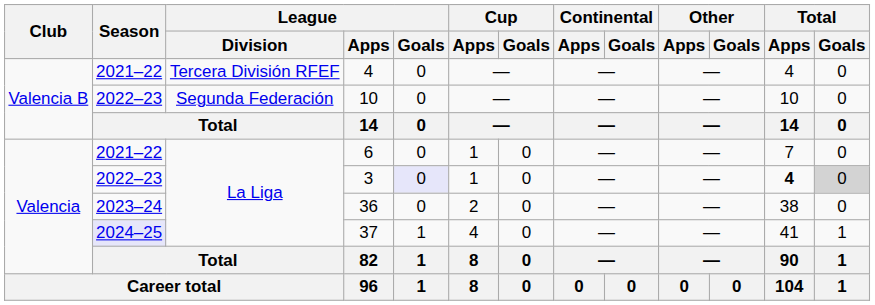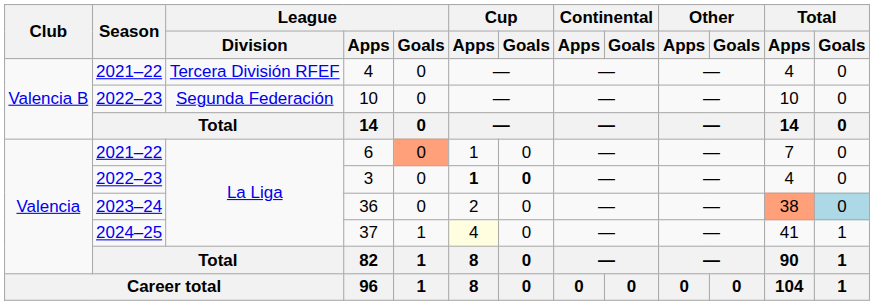 <table class="wikitable" style="text-align:center">
 <tr>
 <th rowspan="2">Club</th>
 <th rowspan="2">Season</th>
 <th colspan="3">League</th>
 <th colspan="2">Cup</th>
 <th colspan="2">Continental</th>
 <th colspan="2">Other</th>
 <th colspan="2">Total</th>
 </tr>
 <tr>
 <th>Division</th>
 <th>Apps</th>
 <th>Goals</th>
 <th>Apps</th>
 <th>Goals</th>
 <th>Apps</th>
 <th>Goals</th>
 <th>Apps</th>
 <th>Goals</th>
 <th>Apps</th>
 <th>Goals</th>
 </tr>
 <tr>
 <td rowspan="3"><a href='#'>Valencia B</a></td>
 <td><a href='#'>2021–22</a></td>
 <td><a href='#'>Tercera División RFEF</a></td>
 <td>4</td>
 <td>0</td>
 <td colspan="2">—</td>
 <td colspan="2">—</td>
 <td colspan="2">—</td>
 <td>4</td>
 <td>0</td>
 </tr>
 <tr>
 <td><a href='#'>2022–23</a></td>
 <td><a href='#'>Segunda Federación</a></td>
 <td>10</td>
 <td>0</td>
 <td colspan="2">—</td>
 <td colspan="2">—</td>
 <td colspan="2">—</td>
 <td>10</td>
 <td>0</td>
 </tr>
 <tr>
 <th colspan="2">Total</th>
 <th>14</th>
 <th>0</th>
 <th colspan="2">—</th>
 <th colspan="2">—</th>
 <th colspan="2">—</th>
 <th>14</th>
 <th>0</th>
 </tr>
 <tr>
 <td rowspan="5"><a href='#'>Valencia</a></td>
 <td><a href='#'>2021–22</a></td>
 <td rowspan="4"><a href='#'>La Liga</a></td>
 <td>6</td>
-<td>0</td>
+<td style="background: lightsalmon;">0</td>
 <td>1</td>
 <td>0</td>
 <td colspan="2">—</td>
 <td colspan="2">—</td>
 <td>7</td>
 <td>0</td>
 </tr>
 <tr>
 <td><a href='#'>2022–23</a></td>
 <td>3</td>
-<td style="background: lavender;">0</td>
-<td>1</td>
 <td>0</td>
+<td><strong>1</strong></td>
+<td><strong>0</strong></td>
 <td colspan="2">—</td>
 <td colspan="2">—</td>
-<td><strong>4</strong></td>
-<td style="background: lightgrey;">0</td>
+<td>4</td>
+<td>0</td>
 </tr>
 <tr>
 <td><a href='#'>2023–24</a></td>
 <td>36</td>
 <td>0</td>
 <td>2</td>
 <td>0</td>
 <td colspan="2">—</td>
 <td colspan="2">—</td>
-<td>38</td>
-<td>0</td>
+<td style="background: lightsalmon;">38</td>
+<td style="background: lightblue;">0</td>
 </tr>
 <tr>
-<td style="background: lavender;"><a href='#'>2024–25</a></td>
+<td><a href='#'>2024–25</a></td>
 <td>37</td>
 <td>1</td>
-<td>4</td>
+<td style="background: lightyellow;">4</td>
 <td>0</td>
 <td colspan="2">—</td>
 <td colspan="2">—</td>
 <td>41</td>
 <td>1</td>
 </tr>
 <tr>
 <th colspan="2">Total</th>
 <th>82</th>
 <th>1</th>
 <th>8</th>
 <th>0</th>
 <th colspan="2">—</th>
 <th colspan="2">—</th>
 <th>90</th>
 <th>1</th>
 </tr>
 <tr>
 <th colspan="3">Career total</th>
 <th>96</th>
 <th>1</th>
 <th>8</th>
 <th>0</th>
 <th>0</th>
 <th>0</th>
 <th>0</th>
 <th>0</th>
 <th>104</th>
 <th>1</th>
 </tr>
 </table>
